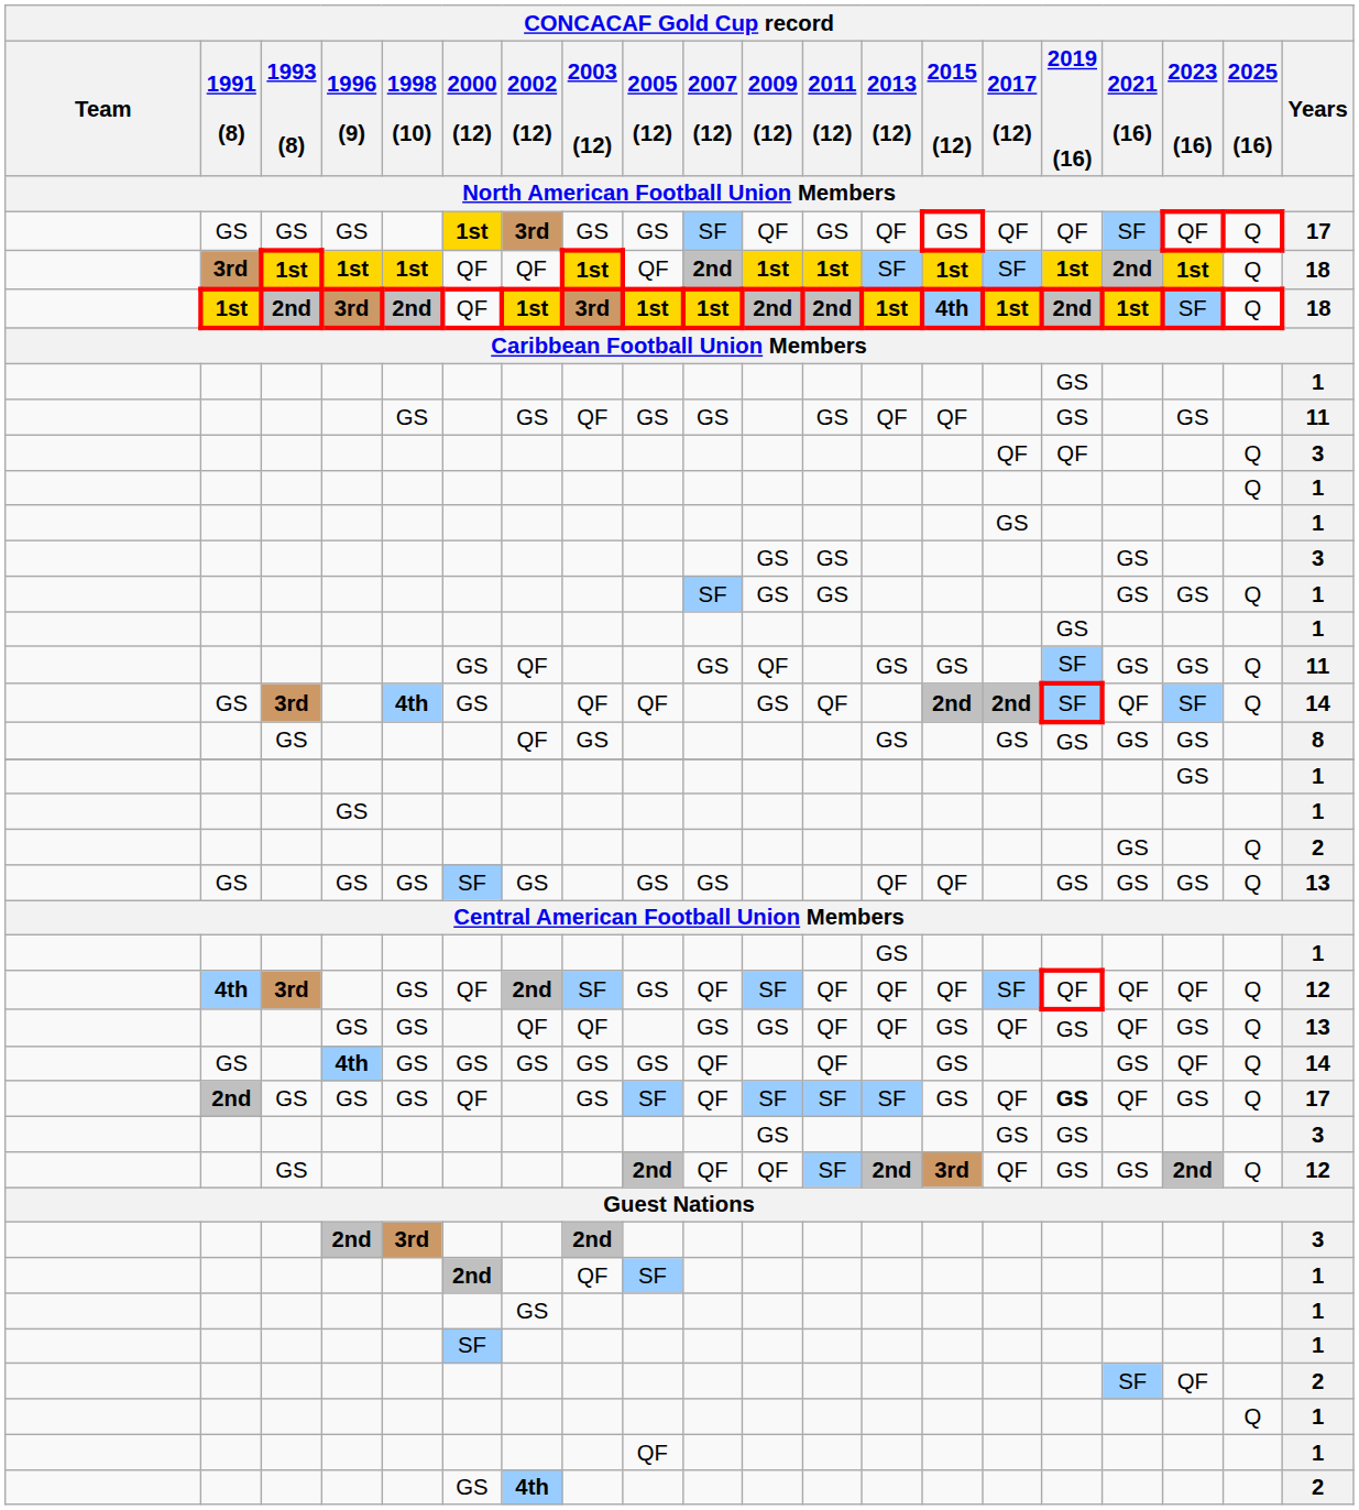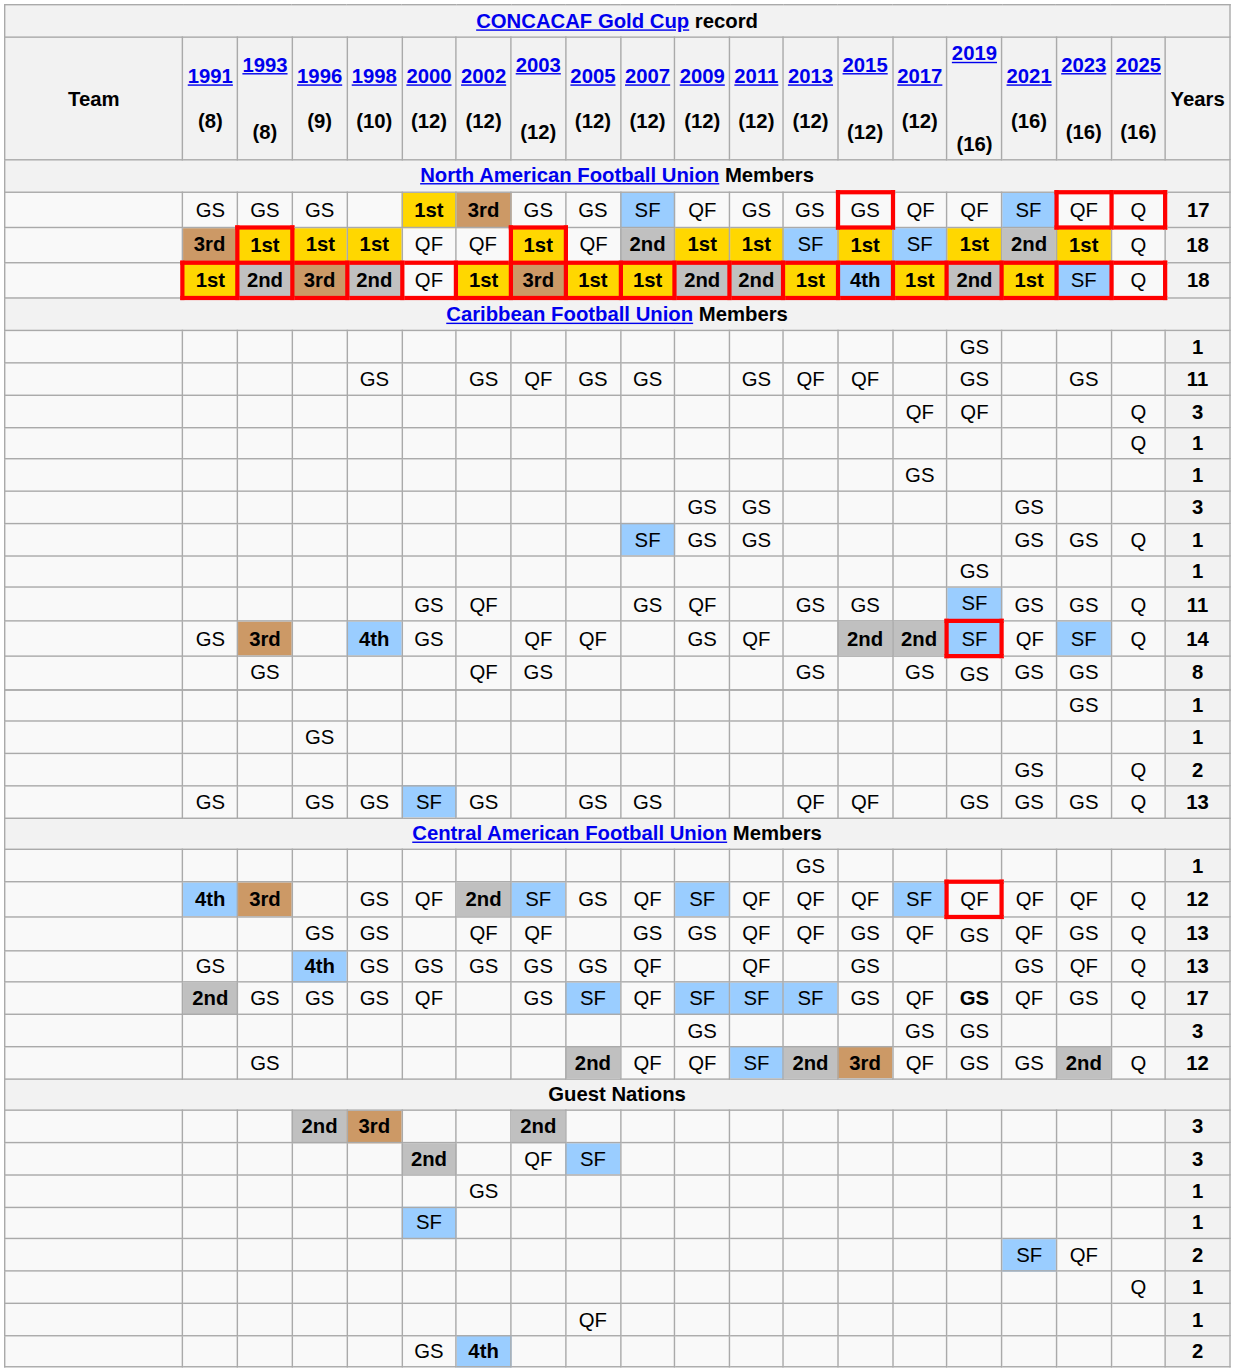 <table class="wikitable" style="text-align:center; font-size:90%">
 <tr>
 <th colspan=20><a href='#'>CONCACAF Gold Cup</a> record</th>
 </tr>
 <tr>
 <th width=220>Team</th>
 <th><a href='#'>1991</a><br><br>(8)</th>
 <th><a href='#'>1993</a><br><br><br>(8)</th>
 <th><a href='#'>1996</a><br><br>(9)</th>
 <th><a href='#'>1998</a><br><br>(10)</th>
 <th><a href='#'>2000</a><br><br>(12)</th>
 <th><a href='#'>2002</a><br><br>(12)</th>
 <th><a href='#'>2003</a><br><br><br>(12)</th>
 <th><a href='#'>2005</a><br><br>(12)</th>
 <th><a href='#'>2007</a><br><br>(12)</th>
 <th><a href='#'>2009</a><br><br>(12)</th>
 <th><a href='#'>2011</a><br><br>(12)</th>
 <th><a href='#'>2013</a><br><br>(12)</th>
 <th><a href='#'>2015</a><br><br><br>(12)</th>
 <th><a href='#'>2017</a><br><br>(12)</th>
 <th><a href='#'>2019</a><br><br><br><br>(16)</th>
 <th><a href='#'>2021</a><br><br>(16)</th>
 <th><a href='#'>2023</a><br><br><br>(16)</th>
 <th><a href='#'>2025</a><br><br><br>(16)</th>
 <th>Years</th>
 </tr>
 <tr>
 <th colspan=20><strong><a href='#'>North American Football Union</a> Members</strong></th>
 </tr>
 <tr>
 <td align=left></td>
 <td>GS</td>
 <td>GS</td>
 <td>GS</td>
 <td></td>
 <td style="background:Gold;"><strong>1st</strong></td>
 <td style="background:#c96;"><strong>3rd</strong></td>
 <td>GS</td>
 <td>GS</td>
 <td style="background:#9acdff;">SF</td>
 <td>QF</td>
 <td>GS</td>
-<td>QF</td>
+<td>GS</td>
 <td style="border: 3px solid red">GS</td>
 <td>QF</td>
 <td>QF</td>
 <td style="background:#9acdff;">SF</td>
 <td style="border: 3px solid red">QF</td>
 <td style="border: 3px solid red">Q</td>
 <th>17</th>
 </tr>
 <tr>
 <td align=left></td>
 <td style="background:#c96;"><strong>3rd</strong></td>
 <td style="border: 3px solid red" bgcolor=Gold><strong>1st</strong></td>
 <td style="background:Gold;"><strong>1st</strong></td>
 <td style="background:Gold;"><strong>1st</strong></td>
 <td>QF</td>
 <td>QF</td>
 <td style="border: 3px solid red" bgcolor=Gold><strong>1st</strong></td>
 <td>QF</td>
 <td style="background:Silver;"><strong>2nd</strong></td>
 <td style="background:Gold;"><strong>1st</strong></td>
 <td style="background:Gold;"><strong>1st</strong></td>
 <td style="background:#9acdff;">SF</td>
 <td style="background:Gold;"><strong>1st</strong></td>
 <td style="background:#9acdff;">SF</td>
 <td style="background:Gold;"><strong>1st</strong></td>
 <td style="background:Silver;"><strong>2nd</strong></td>
 <td style="background:Gold;"><strong>1st</strong></td>
 <td>Q</td>
 <th>18</th>
 </tr>
 <tr>
 <td align=left></td>
 <td style="border: 3px solid red" bgcolor=Gold><strong>1st</strong></td>
 <td style="border: 3px solid red" bgcolor=Silver><strong>2nd</strong></td>
 <td style="border: 3px solid red" bgcolor=#c96><strong>3rd</strong></td>
 <td style="border: 3px solid red" bgcolor=Silver><strong>2nd</strong></td>
 <td style="border: 3px solid red">QF</td>
 <td style="border: 3px solid red" bgcolor=Gold><strong>1st</strong></td>
 <td style="border: 3px solid red" bgcolor=#c96><strong>3rd</strong></td>
 <td style="border: 3px solid red" bgcolor=Gold><strong>1st</strong></td>
 <td style="border: 3px solid red" bgcolor=Gold><strong>1st</strong></td>
 <td style="border: 3px solid red" bgcolor=Silver><strong>2nd</strong></td>
 <td style="border: 3px solid red" bgcolor=Silver><strong>2nd</strong></td>
 <td style="border: 3px solid red" bgcolor=Gold><strong>1st</strong></td>
 <td style="border: 3px solid red" bgcolor=#9acdff><strong>4th</strong></td>
 <td style="border: 3px solid red" bgcolor=Gold><strong>1st</strong></td>
 <td style="border: 3px solid red" bgcolor=Silver><strong>2nd</strong></td>
 <td style="border: 3px solid red" bgcolor=Gold><strong>1st</strong></td>
 <td style="border: 3px solid red" bgcolor=#9acdff>SF</td>
 <td style="border: 3px solid red">Q</td>
 <th>18</th>
 </tr>
 <tr>
 <th colspan=20><strong><a href='#'>Caribbean Football Union</a> Members</strong></th>
 </tr>
 <tr>
 <td align=left></td>
 <td></td>
 <td></td>
 <td></td>
 <td></td>
 <td></td>
 <td></td>
 <td></td>
 <td></td>
 <td></td>
 <td></td>
 <td></td>
 <td></td>
 <td></td>
 <td></td>
 <td>GS</td>
 <td></td>
 <td></td>
 <td></td>
 <th>1</th>
 </tr>
 <tr>
 <td align=left></td>
 <td></td>
 <td></td>
 <td></td>
 <td>GS</td>
 <td></td>
 <td>GS</td>
 <td>QF</td>
 <td>GS</td>
 <td>GS</td>
 <td></td>
 <td>GS</td>
 <td>QF</td>
 <td>QF</td>
 <td></td>
 <td>GS</td>
 <td></td>
 <td>GS</td>
 <td></td>
 <th>11</th>
 </tr>
 <tr>
 <td align=left></td>
 <td></td>
 <td></td>
 <td></td>
 <td></td>
 <td></td>
 <td></td>
 <td></td>
 <td></td>
 <td></td>
 <td></td>
 <td></td>
 <td></td>
 <td></td>
 <td>QF</td>
 <td>QF</td>
 <td></td>
 <td></td>
 <td>Q</td>
 <th>3</th>
 </tr>
 <tr>
 <td align=left></td>
 <td></td>
 <td></td>
 <td></td>
 <td></td>
 <td></td>
 <td></td>
 <td></td>
 <td></td>
 <td></td>
 <td></td>
 <td></td>
 <td></td>
 <td></td>
 <td></td>
 <td></td>
 <td></td>
 <td></td>
 <td>Q</td>
 <th>1</th>
 </tr>
 <tr>
 <td align=left></td>
 <td></td>
 <td></td>
 <td></td>
 <td></td>
 <td></td>
 <td></td>
 <td></td>
 <td></td>
 <td></td>
 <td></td>
 <td></td>
 <td></td>
 <td></td>
 <td>GS</td>
 <td></td>
 <td></td>
 <td></td>
 <td></td>
 <th>1</th>
 </tr>
 <tr>
 <td align=left></td>
 <td></td>
 <td></td>
 <td></td>
 <td></td>
 <td></td>
 <td></td>
 <td></td>
 <td></td>
 <td></td>
 <td>GS</td>
 <td>GS</td>
 <td></td>
 <td></td>
 <td></td>
 <td></td>
 <td>GS</td>
 <td></td>
 <td></td>
 <th>3</th>
 </tr>
 <tr>
 <td align=left></td>
 <td></td>
 <td></td>
 <td></td>
 <td></td>
 <td></td>
 <td></td>
 <td></td>
 <td></td>
 <td style="background:#9acdff;">SF</td>
 <td>GS</td>
 <td>GS</td>
 <td></td>
 <td></td>
 <td></td>
 <td></td>
 <td>GS</td>
 <td>GS</td>
 <td>Q</td>
 <th>1</th>
 </tr>
 <tr>
 <td align=left></td>
 <td></td>
 <td></td>
 <td></td>
 <td></td>
 <td></td>
 <td></td>
 <td></td>
 <td></td>
 <td></td>
 <td></td>
 <td></td>
 <td></td>
 <td></td>
 <td></td>
 <td>GS</td>
 <td></td>
 <td></td>
 <td></td>
 <th>1</th>
 </tr>
 <tr>
 <td align=left></td>
 <td></td>
 <td></td>
 <td></td>
 <td></td>
 <td>GS</td>
 <td>QF</td>
 <td></td>
 <td></td>
 <td>GS</td>
 <td>QF</td>
 <td></td>
 <td>GS</td>
 <td>GS</td>
 <td></td>
 <td style="background:#9acdff;">SF</td>
 <td>GS</td>
 <td>GS</td>
 <td>Q</td>
 <th>11</th>
 </tr>
 <tr>
 <td align=left></td>
 <td>GS</td>
 <td style="background:#c96;"><strong>3rd</strong></td>
 <td></td>
 <td style="background:#9acdff;"><strong>4th</strong></td>
 <td>GS</td>
 <td></td>
 <td>QF</td>
 <td>QF</td>
 <td></td>
 <td>GS</td>
 <td>QF</td>
 <td></td>
 <td style="background:Silver;"><strong>2nd</strong></td>
 <td style="background:Silver;"><strong>2nd</strong></td>
 <td style="border: 3px solid red" bgcolor=#9acdff>SF</td>
 <td>QF</td>
 <td style="background:#9acdff;">SF</td>
 <td>Q</td>
 <th>14</th>
 </tr>
 <tr>
 <td align=left></td>
 <td></td>
 <td>GS</td>
 <td></td>
 <td></td>
 <td></td>
 <td>QF</td>
 <td>GS</td>
 <td></td>
 <td></td>
 <td></td>
 <td></td>
 <td>GS</td>
 <td></td>
 <td>GS</td>
 <td>GS</td>
 <td>GS</td>
 <td>GS</td>
 <td></td>
 <th>8</th>
 </tr>
 <tr>
 </tr>
 <tr>
 <td align=left></td>
 <td></td>
 <td></td>
 <td></td>
 <td></td>
 <td></td>
 <td></td>
 <td></td>
 <td></td>
 <td></td>
 <td></td>
 <td></td>
 <td></td>
 <td></td>
 <td></td>
 <td></td>
 <td></td>
 <td>GS</td>
 <td></td>
 <th>1</th>
 </tr>
 <tr>
 <td align=left></td>
 <td></td>
 <td></td>
 <td>GS</td>
 <td></td>
 <td></td>
 <td></td>
 <td></td>
 <td></td>
 <td></td>
 <td></td>
 <td></td>
 <td></td>
 <td></td>
 <td></td>
 <td></td>
 <td></td>
 <td></td>
 <td></td>
 <th>1</th>
 </tr>
 <tr>
 <td align=left></td>
 <td></td>
 <td></td>
 <td></td>
 <td></td>
 <td></td>
 <td></td>
 <td></td>
 <td></td>
 <td></td>
 <td></td>
 <td></td>
 <td></td>
 <td></td>
 <td></td>
 <td></td>
 <td>GS</td>
 <td></td>
 <td>Q</td>
 <th>2</th>
 </tr>
 <tr>
 <td align=left></td>
 <td>GS</td>
 <td></td>
 <td>GS</td>
 <td>GS</td>
 <td style="background:#9acdff;">SF</td>
 <td>GS</td>
 <td></td>
 <td>GS</td>
 <td>GS</td>
 <td></td>
 <td></td>
 <td>QF</td>
 <td>QF</td>
 <td></td>
 <td>GS</td>
 <td>GS</td>
 <td>GS</td>
 <td>Q</td>
 <th>13</th>
 </tr>
 <tr>
 <th colspan=20><strong><a href='#'>Central American Football Union</a> Members</strong></th>
 </tr>
 <tr>
 <td align=left></td>
 <td></td>
 <td></td>
 <td></td>
 <td></td>
 <td></td>
 <td></td>
 <td></td>
 <td></td>
 <td></td>
 <td></td>
 <td></td>
 <td>GS</td>
 <td></td>
 <td></td>
 <td></td>
 <td></td>
 <td></td>
 <td></td>
 <th>1</th>
 </tr>
 <tr>
 <td align=left></td>
 <td style="background:#9acdff;"><strong>4th</strong></td>
 <td style="background:#c96;"><strong>3rd</strong></td>
 <td></td>
 <td>GS</td>
 <td>QF</td>
 <td style="background:Silver;"><strong>2nd</strong></td>
 <td style="background:#9acdff;">SF</td>
 <td>GS</td>
 <td>QF</td>
 <td style="background:#9acdff;">SF</td>
 <td>QF</td>
 <td>QF</td>
 <td>QF</td>
 <td style="background:#9acdff;">SF</td>
 <td style="border: 3px solid red">QF</td>
 <td>QF</td>
 <td>QF</td>
 <td>Q</td>
 <th>12</th>
 </tr>
 <tr>
 <td align=left></td>
 <td></td>
 <td></td>
 <td>GS</td>
 <td>GS</td>
 <td></td>
 <td>QF</td>
 <td>QF</td>
 <td></td>
 <td>GS</td>
 <td>GS</td>
 <td>QF</td>
 <td>QF</td>
 <td>GS</td>
 <td>QF</td>
 <td>GS</td>
 <td>QF</td>
 <td>GS</td>
 <td>Q</td>
 <th>13</th>
 </tr>
 <tr>
 <td align=left></td>
 <td>GS</td>
 <td></td>
 <td style="background:#9acdff;"><strong>4th</strong></td>
 <td>GS</td>
 <td>GS</td>
 <td>GS</td>
 <td>GS</td>
 <td>GS</td>
 <td>QF</td>
 <td></td>
 <td>QF</td>
 <td></td>
 <td>GS</td>
 <td></td>
 <td></td>
 <td>GS</td>
 <td>QF</td>
 <td>Q</td>
-<th>14</th>
+<th>13</th>
 </tr>
 <tr>
 <td align=left></td>
 <td style="background:Silver;"><strong>2nd</strong></td>
 <td>GS</td>
 <td>GS</td>
 <td>GS</td>
 <td>QF</td>
 <td></td>
 <td>GS</td>
 <td style="background:#9acdff;">SF</td>
 <td>QF</td>
 <td style="background:#9acdff;">SF</td>
 <td style="background:#9acdff;">SF</td>
 <td style="background:#9acdff;">SF</td>
 <td>GS</td>
 <td>QF</td>
 <td><strong>GS</strong></td>
 <td>QF</td>
 <td>GS</td>
 <td>Q</td>
 <th>17</th>
 </tr>
 <tr>
 <td align=left></td>
 <td></td>
 <td></td>
 <td></td>
 <td></td>
 <td></td>
 <td></td>
 <td></td>
 <td></td>
 <td></td>
 <td>GS</td>
 <td></td>
 <td></td>
 <td></td>
 <td>GS</td>
 <td>GS</td>
 <td></td>
 <td></td>
 <td></td>
 <th>3</th>
 </tr>
 <tr>
 <td align=left></td>
 <td></td>
 <td>GS</td>
 <td></td>
 <td></td>
 <td></td>
 <td></td>
 <td></td>
 <td style="background:Silver;"><strong>2nd</strong></td>
 <td>QF</td>
 <td>QF</td>
 <td style="background:#9acdff;">SF</td>
 <td style="background:Silver;"><strong>2nd</strong></td>
 <td style="background:#c96;"><strong>3rd</strong></td>
 <td>QF</td>
 <td>GS</td>
 <td>GS</td>
 <td style="background:Silver;"><strong>2nd</strong></td>
 <td>Q</td>
 <th>12</th>
 </tr>
 <tr>
 <th colspan=20><strong>Guest Nations</strong></th>
 </tr>
 <tr>
 <td align=left></td>
 <td></td>
 <td></td>
 <td style="background:Silver;"><strong>2nd</strong></td>
 <td style="background:#c96;"><strong>3rd</strong></td>
 <td></td>
 <td></td>
 <td style="background:Silver;"><strong>2nd</strong></td>
 <td></td>
 <td></td>
 <td></td>
 <td></td>
 <td></td>
 <td></td>
 <td></td>
 <td></td>
 <td></td>
 <td></td>
 <td></td>
 <th>3</th>
 </tr>
 <tr>
 <td align=left></td>
 <td></td>
 <td></td>
 <td></td>
 <td></td>
 <td style="background:Silver;"><strong>2nd</strong></td>
 <td></td>
 <td>QF</td>
 <td style="background:#9acdff;">SF</td>
 <td></td>
 <td></td>
 <td></td>
 <td></td>
 <td></td>
 <td></td>
 <td></td>
 <td></td>
 <td></td>
 <td></td>
-<th>1</th>
+<th>3</th>
 </tr>
 <tr>
 <td align=left></td>
 <td></td>
 <td></td>
 <td></td>
 <td></td>
 <td></td>
 <td>GS</td>
 <td></td>
 <td></td>
 <td></td>
 <td></td>
 <td></td>
 <td></td>
 <td></td>
 <td></td>
 <td></td>
 <td></td>
 <td></td>
 <td></td>
 <th>1</th>
 </tr>
 <tr>
 <td align=left></td>
 <td></td>
 <td></td>
 <td></td>
 <td></td>
 <td style="background:#9acdff;">SF</td>
 <td></td>
 <td></td>
 <td></td>
 <td></td>
 <td></td>
 <td></td>
 <td></td>
 <td></td>
 <td></td>
 <td></td>
 <td></td>
 <td></td>
 <td></td>
 <th>1</th>
 </tr>
 <tr>
 <td align="left"></td>
 <td></td>
 <td></td>
 <td></td>
 <td></td>
 <td></td>
 <td></td>
 <td></td>
 <td></td>
 <td></td>
 <td></td>
 <td></td>
 <td></td>
 <td></td>
 <td></td>
 <td></td>
 <td style="background:#9acdff;">SF</td>
 <td>QF</td>
 <td></td>
 <th>2</th>
 </tr>
 <tr>
 <td align=left></td>
 <td></td>
 <td></td>
 <td></td>
 <td></td>
 <td></td>
 <td></td>
 <td></td>
 <td></td>
 <td></td>
 <td></td>
 <td></td>
 <td></td>
 <td></td>
 <td></td>
 <td></td>
 <td></td>
 <td></td>
 <td>Q</td>
 <th>1</th>
 </tr>
 <tr>
 <td align=left></td>
 <td></td>
 <td></td>
 <td></td>
 <td></td>
 <td></td>
 <td></td>
 <td></td>
 <td>QF</td>
 <td></td>
 <td></td>
 <td></td>
 <td></td>
 <td></td>
 <td></td>
 <td></td>
 <td></td>
 <td></td>
 <td></td>
 <th>1</th>
 </tr>
 <tr>
 <td align=left></td>
 <td></td>
 <td></td>
 <td></td>
 <td></td>
 <td>GS</td>
 <td style="background:#9acdff;"><strong>4th</strong></td>
 <td></td>
 <td></td>
 <td></td>
 <td></td>
 <td></td>
 <td></td>
 <td></td>
 <td></td>
 <td></td>
 <td></td>
 <td></td>
 <td></td>
 <th>2</th>
 </tr>
 </table>
